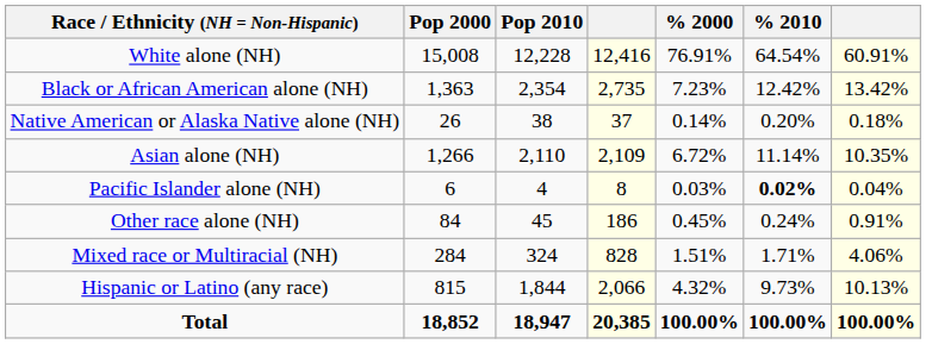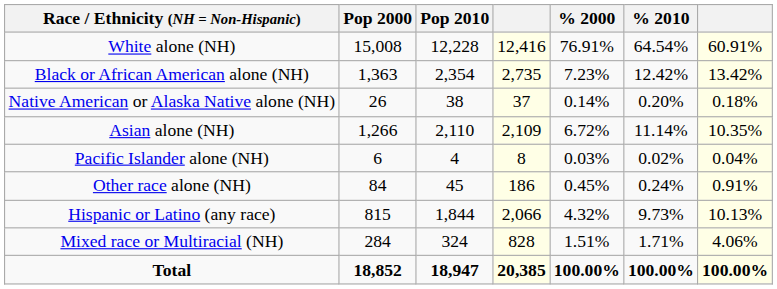 <table class="wikitable" style="text-align:center;">
 <tr>
 <th>Race / Ethnicity <small>(<em>NH = Non-Hispanic</em>)</small></th>
 <th>Pop 2000</th>
 <th>Pop 2010</th>
 <th></th>
 <th>% 2000</th>
 <th>% 2010</th>
 <th></th>
 </tr>
 <tr>
 <td><a href='#'>White</a> alone (NH)</td>
 <td>15,008</td>
 <td>12,228</td>
 <td style='background: #ffffe6;'>12,416</td>
 <td>76.91%</td>
 <td>64.54%</td>
 <td style='background: #ffffe6;'>60.91%</td>
 </tr>
 <tr>
 <td><a href='#'>Black or African American</a> alone (NH)</td>
 <td>1,363</td>
 <td>2,354</td>
 <td style='background: #ffffe6;'>2,735</td>
 <td>7.23%</td>
 <td>12.42%</td>
 <td style='background: #ffffe6;'>13.42%</td>
 </tr>
 <tr>
 <td><a href='#'>Native American</a> or <a href='#'>Alaska Native</a> alone (NH)</td>
 <td>26</td>
 <td>38</td>
 <td style='background: #ffffe6;'>37</td>
 <td>0.14%</td>
 <td>0.20%</td>
 <td style='background: #ffffe6;'>0.18%</td>
 </tr>
 <tr>
 <td><a href='#'>Asian</a> alone (NH)</td>
 <td>1,266</td>
 <td>2,110</td>
 <td style='background: #ffffe6;'>2,109</td>
 <td>6.72%</td>
 <td>11.14%</td>
 <td style='background: #ffffe6;'>10.35%</td>
 </tr>
 <tr>
 <td><a href='#'>Pacific Islander</a> alone (NH)</td>
 <td>6</td>
 <td>4</td>
 <td style='background: #ffffe6;'>8</td>
 <td>0.03%</td>
-<td><strong>0.02%</strong></td>
+<td>0.02%</td>
 <td style='background: #ffffe6;'>0.04%</td>
 </tr>
 <tr>
 <td><a href='#'>Other race</a> alone (NH)</td>
 <td>84</td>
 <td>45</td>
 <td style='background: #ffffe6;'>186</td>
 <td>0.45%</td>
 <td>0.24%</td>
 <td style='background: #ffffe6;'>0.91%</td>
 </tr>
 <tr>
+<td><a href='#'>Hispanic or Latino</a> (any race)</td>
+<td>815</td>
+<td>1,844</td>
+<td style='background: #ffffe6;'>2,066</td>
+<td>4.32%</td>
+<td>9.73%</td>
+<td style='background: #ffffe6;'>10.13%</td>
+</tr>
+<tr>
 <td><a href='#'>Mixed race or Multiracial</a> (NH)</td>
 <td>284</td>
 <td>324</td>
 <td style='background: #ffffe6;'>828</td>
 <td>1.51%</td>
 <td>1.71%</td>
 <td style='background: #ffffe6;'>4.06%</td>
-</tr>
-<tr>
-<td><a href='#'>Hispanic or Latino</a> (any race)</td>
-<td>815</td>
-<td>1,844</td>
-<td style='background: #ffffe6;'>2,066</td>
-<td>4.32%</td>
-<td>9.73%</td>
-<td style='background: #ffffe6;'>10.13%</td>
 </tr>
 <tr>
 <td><strong>Total</strong></td>
 <td><strong>18,852</strong></td>
 <td><strong>18,947</strong></td>
 <td style='background: #ffffe6;'><strong>20,385</strong></td>
 <td><strong>100.00%</strong></td>
 <td><strong>100.00%</strong></td>
 <td style='background: #ffffe6;'><strong>100.00%</strong></td>
 </tr>
 </table>
